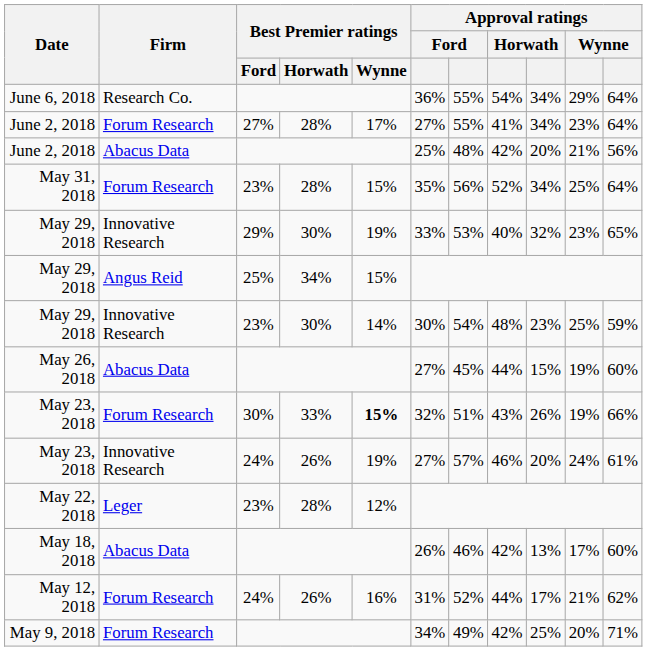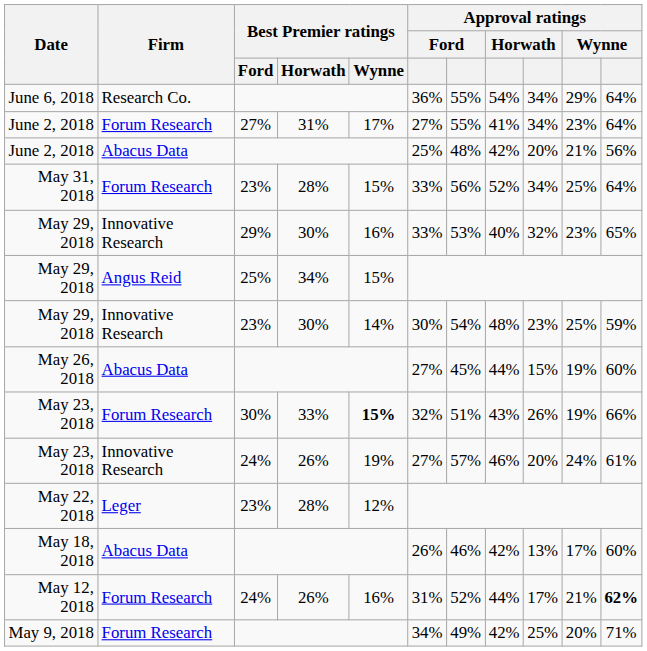 <table class="wikitable" style="text-align:right;">
 <tr>
 <th rowspan="3">Date</th>
 <th rowspan="3">Firm</th>
 <th rowspan="2" colspan="3">Best Premier ratings</th>
 <th colspan="6">Approval ratings</th>
 </tr>
 <tr>
 <th colspan="2" style="background-color:">Ford</th>
 <th colspan="2" style="background-color:">Horwath</th>
 <th colspan="2" style="background-color:">Wynne</th>
 </tr>
 <tr>
 <th style="background-color:">Ford</th>
 <th style="background-color:">Horwath</th>
 <th style="background-color:">Wynne</th>
 <th></th>
 <th></th>
 <th></th>
 <th></th>
 <th></th>
 <th></th>
 </tr>
 <tr>
 <td>June 6, 2018</td>
 <td style="text-align:left;">Research Co.</td>
 <td colspan="3"> </td>
 <td style="text-align:center;">36%</td>
 <td style="text-align:center;">55%</td>
 <td style="text-align:center;">54%</td>
 <td style="text-align:center;">34%</td>
 <td style="text-align:center;">29%</td>
 <td style="text-align:center;">64%</td>
 </tr>
 <tr>
 <td>June 2, 2018</td>
 <td style="text-align:left;"><a href='#'>Forum Research</a></td>
 <td style="text-align:center;">27%</td>
-<td style="text-align:center;">28%</td>
+<td style="text-align:center;">31%</td>
 <td style="text-align:center;">17%</td>
 <td style="text-align:center;">27%</td>
 <td style="text-align:center;">55%</td>
 <td style="text-align:center;">41%</td>
 <td style="text-align:center;">34%</td>
 <td style="text-align:center;">23%</td>
 <td style="text-align:center;">64%</td>
 </tr>
 <tr>
 <td>June 2, 2018</td>
 <td style="text-align:left;"><a href='#'>Abacus Data</a></td>
 <td colspan="3"> </td>
 <td style="text-align:center;">25%</td>
 <td style="text-align:center;">48%</td>
 <td style="text-align:center;">42%</td>
 <td style="text-align:center;">20%</td>
 <td style="text-align:center;">21%</td>
 <td style="text-align:center;">56%</td>
 </tr>
 <tr>
 <td>May 31, 2018</td>
 <td style="text-align:left;"><a href='#'>Forum Research</a></td>
 <td style="text-align:center;">23%</td>
 <td style="text-align:center;">28%</td>
 <td style="text-align:center;">15%</td>
-<td style="text-align:center;">35%</td>
+<td style="text-align:center;">33%</td>
 <td style="text-align:center;">56%</td>
 <td style="text-align:center;">52%</td>
 <td style="text-align:center;">34%</td>
 <td style="text-align:center;">25%</td>
 <td style="text-align:center;">64%</td>
 </tr>
 <tr>
 <td>May 29, 2018</td>
 <td style="text-align:left;">Innovative Research</td>
 <td style="text-align:center;">29%</td>
 <td style="text-align:center;">30%</td>
-<td style="text-align:center;">19%</td>
+<td style="text-align:center;">16%</td>
 <td style="text-align:center;">33%</td>
 <td style="text-align:center;">53%</td>
 <td style="text-align:center;">40%</td>
 <td style="text-align:center;">32%</td>
 <td style="text-align:center;">23%</td>
 <td style="text-align:center;">65%</td>
 </tr>
 <tr>
 <td>May 29, 2018</td>
 <td style="text-align:left;"><a href='#'>Angus Reid</a></td>
 <td style="text-align:center;">25%</td>
 <td style="text-align:center;">34%</td>
 <td style="text-align:center;">15%</td>
 <td colspan="6"> </td>
 </tr>
 <tr>
 <td>May 29, 2018</td>
 <td style="text-align:left;">Innovative Research</td>
 <td style="text-align:center;">23%</td>
 <td style="text-align:center;">30%</td>
 <td style="text-align:center;">14%</td>
 <td style="text-align:center;">30%</td>
 <td style="text-align:center;">54%</td>
 <td style="text-align:center;">48%</td>
 <td style="text-align:center;">23%</td>
 <td style="text-align:center;">25%</td>
 <td style="text-align:center;">59%</td>
 </tr>
 <tr>
 <td>May 26, 2018</td>
 <td style="text-align:left;"><a href='#'>Abacus Data</a></td>
 <td colspan="3"> </td>
 <td style="text-align:center;">27%</td>
 <td style="text-align:center;">45%</td>
 <td style="text-align:center;">44%</td>
 <td style="text-align:center;">15%</td>
 <td style="text-align:center;">19%</td>
 <td style="text-align:center;">60%</td>
 </tr>
 <tr>
 <td>May 23, 2018</td>
 <td style="text-align:left;"><a href='#'>Forum Research</a></td>
 <td style="text-align:center;">30%</td>
 <td style="text-align:center;">33%</td>
 <td style="text-align:center;"><strong>15%</strong></td>
 <td style="text-align:center;">32%</td>
 <td style="text-align:center;">51%</td>
 <td style="text-align:center;">43%</td>
 <td style="text-align:center;">26%</td>
 <td style="text-align:center;">19%</td>
 <td style="text-align:center;">66%</td>
 </tr>
 <tr>
 <td>May 23, 2018</td>
 <td style="text-align:left;">Innovative Research</td>
 <td style="text-align:center;">24%</td>
 <td style="text-align:center;">26%</td>
 <td style="text-align:center;">19%</td>
 <td style="text-align:center;">27%</td>
 <td style="text-align:center;">57%</td>
 <td style="text-align:center;">46%</td>
 <td style="text-align:center;">20%</td>
 <td style="text-align:center;">24%</td>
 <td style="text-align:center;">61%</td>
 </tr>
 <tr>
 <td>May 22, 2018</td>
 <td style="text-align:left;"><a href='#'>Leger</a></td>
 <td style="text-align:center;">23%</td>
 <td style="text-align:center;">28%</td>
 <td style="text-align:center;">12%</td>
 <td colspan="6"> </td>
 </tr>
 <tr>
 <td>May 18, 2018</td>
 <td style="text-align:left;"><a href='#'>Abacus Data</a></td>
 <td colspan="3"> </td>
 <td style="text-align:center;">26%</td>
 <td style="text-align:center;">46%</td>
 <td style="text-align:center;">42%</td>
 <td style="text-align:center;">13%</td>
 <td style="text-align:center;">17%</td>
 <td style="text-align:center;">60%</td>
 </tr>
 <tr>
 <td>May 12, 2018</td>
 <td style="text-align:left;"><a href='#'>Forum Research</a></td>
 <td style="text-align:center;">24%</td>
 <td style="text-align:center;">26%</td>
 <td style="text-align:center;">16%</td>
 <td style="text-align:center;">31%</td>
 <td style="text-align:center;">52%</td>
 <td style="text-align:center;">44%</td>
 <td style="text-align:center;">17%</td>
 <td style="text-align:center;">21%</td>
-<td style="text-align:center;">62%</td>
+<td style="text-align:center;"><strong>62%</strong></td>
 </tr>
 <tr>
 <td>May 9, 2018</td>
 <td style="text-align:left;"><a href='#'>Forum Research</a></td>
 <td colspan="3"> </td>
 <td style="text-align:center;">34%</td>
 <td style="text-align:center;">49%</td>
 <td style="text-align:center;">42%</td>
 <td style="text-align:center;">25%</td>
 <td style="text-align:center;">20%</td>
 <td style="text-align:center;">71%</td>
 </tr>
 </table>
